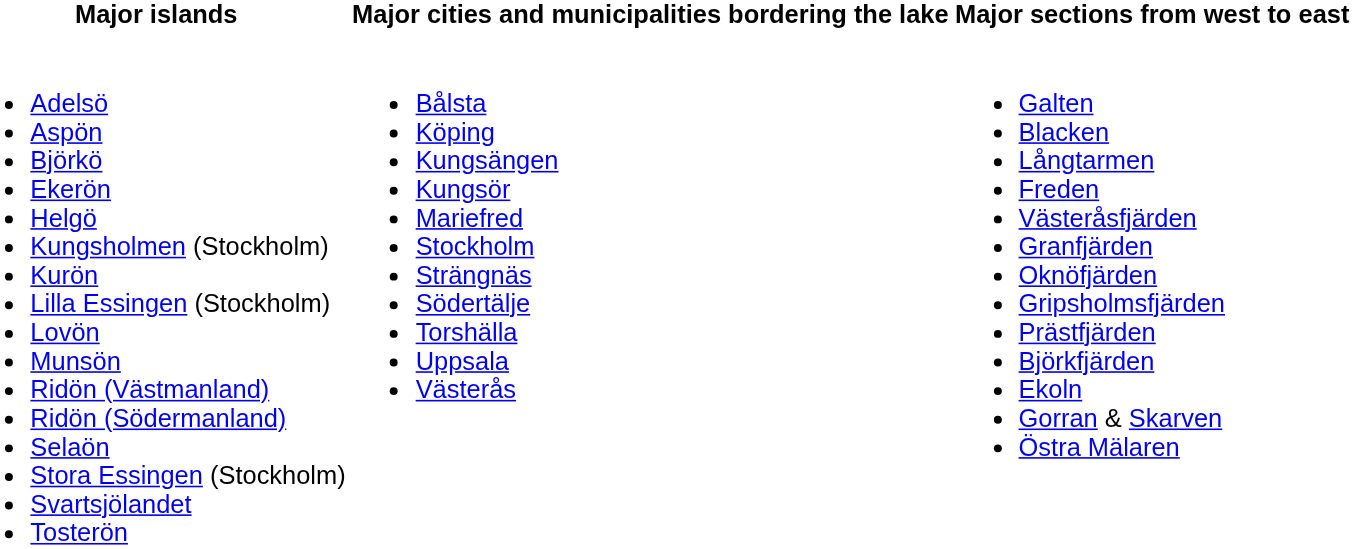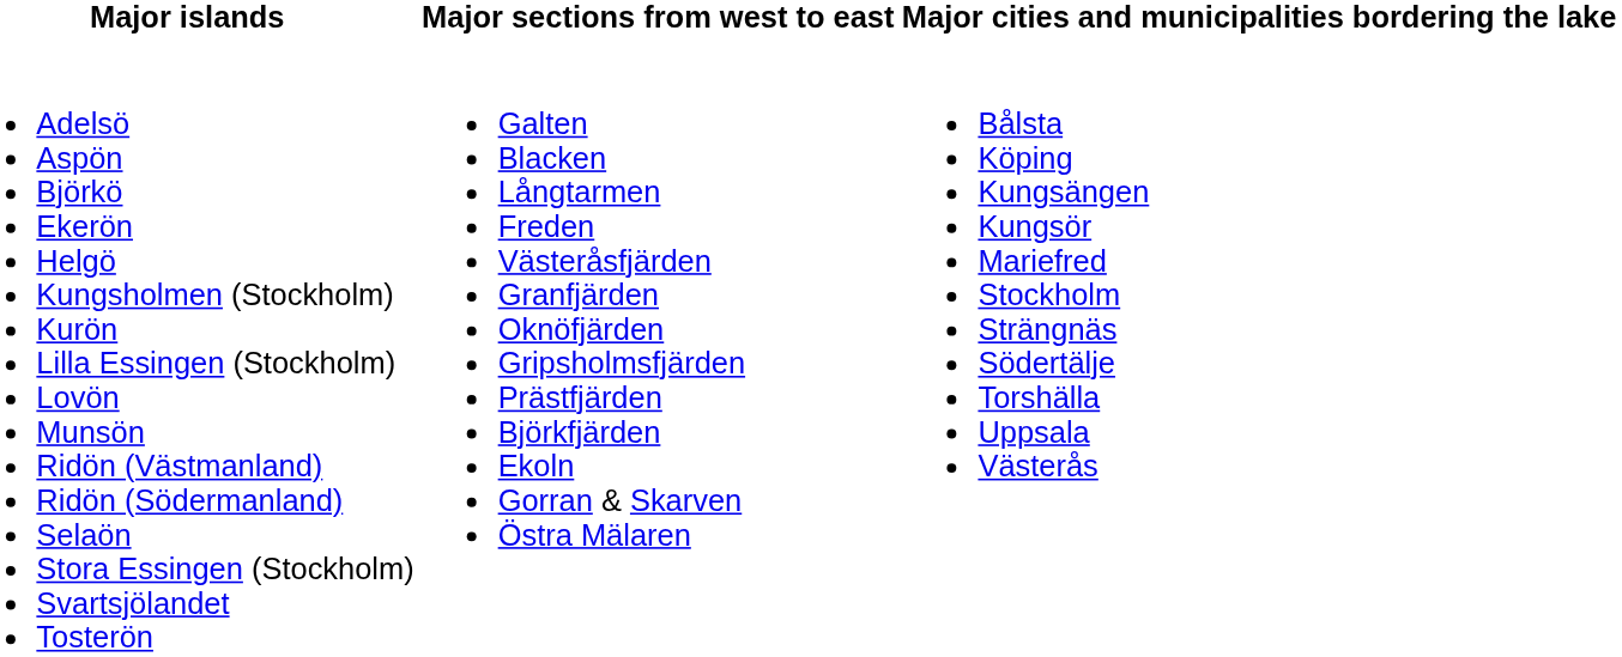 <table>
 <tr>
 <th>Major islands</th>
+<th>Major sections from west to east</th>
 <th>Major cities and municipalities bordering the lake</th>
-<th>Major sections from west to east</th>
 </tr>
 <tr>
 <td valign="top"><br><ul><li><a href='#'>Adelsö</a></li><li><a href='#'>Aspön</a></li><li><a href='#'>Björkö</a></li><li><a href='#'>Ekerön</a></li><li><a href='#'>Helgö</a></li><li><a href='#'>Kungsholmen</a> (Stockholm)</li><li><a href='#'>Kurön</a></li><li><a href='#'>Lilla Essingen</a> (Stockholm)</li><li><a href='#'>Lovön</a></li><li><a href='#'>Munsön</a></li><li><a href='#'>Ridön (Västmanland)</a></li><li><a href='#'>Ridön (Södermanland)</a></li><li><a href='#'>Selaön</a></li><li><a href='#'>Stora Essingen</a> (Stockholm)</li><li><a href='#'>Svartsjölandet</a></li><li><a href='#'>Tosterön</a></li></ul></td>
+<td valign="top"><br><ul><li><a href='#'>Galten</a></li><li><a href='#'>Blacken</a></li><li><a href='#'>Långtarmen</a></li><li><a href='#'>Freden</a></li><li><a href='#'>Västeråsfjärden</a></li><li><a href='#'>Granfjärden</a></li><li><a href='#'>Oknöfjärden</a></li><li><a href='#'>Gripsholmsfjärden</a></li><li><a href='#'>Prästfjärden</a></li><li><a href='#'>Björkfjärden</a></li><li><a href='#'>Ekoln</a></li><li><a href='#'>Gorran</a> & <a href='#'>Skarven</a></li><li><a href='#'>Östra Mälaren</a></li></ul></td>
 <td valign="top"><br><ul><li><a href='#'>Bålsta</a></li><li><a href='#'>Köping</a></li><li><a href='#'>Kungsängen</a></li><li><a href='#'>Kungsör</a></li><li><a href='#'>Mariefred</a></li><li><a href='#'>Stockholm</a></li><li><a href='#'>Strängnäs</a></li><li><a href='#'>Södertälje</a></li><li><a href='#'>Torshälla</a></li><li><a href='#'>Uppsala</a></li><li><a href='#'>Västerås</a></li></ul></td>
-<td valign="top"><br><ul><li><a href='#'>Galten</a></li><li><a href='#'>Blacken</a></li><li><a href='#'>Långtarmen</a></li><li><a href='#'>Freden</a></li><li><a href='#'>Västeråsfjärden</a></li><li><a href='#'>Granfjärden</a></li><li><a href='#'>Oknöfjärden</a></li><li><a href='#'>Gripsholmsfjärden</a></li><li><a href='#'>Prästfjärden</a></li><li><a href='#'>Björkfjärden</a></li><li><a href='#'>Ekoln</a></li><li><a href='#'>Gorran</a> & <a href='#'>Skarven</a></li><li><a href='#'>Östra Mälaren</a></li></ul></td>
 </tr>
 </table>
